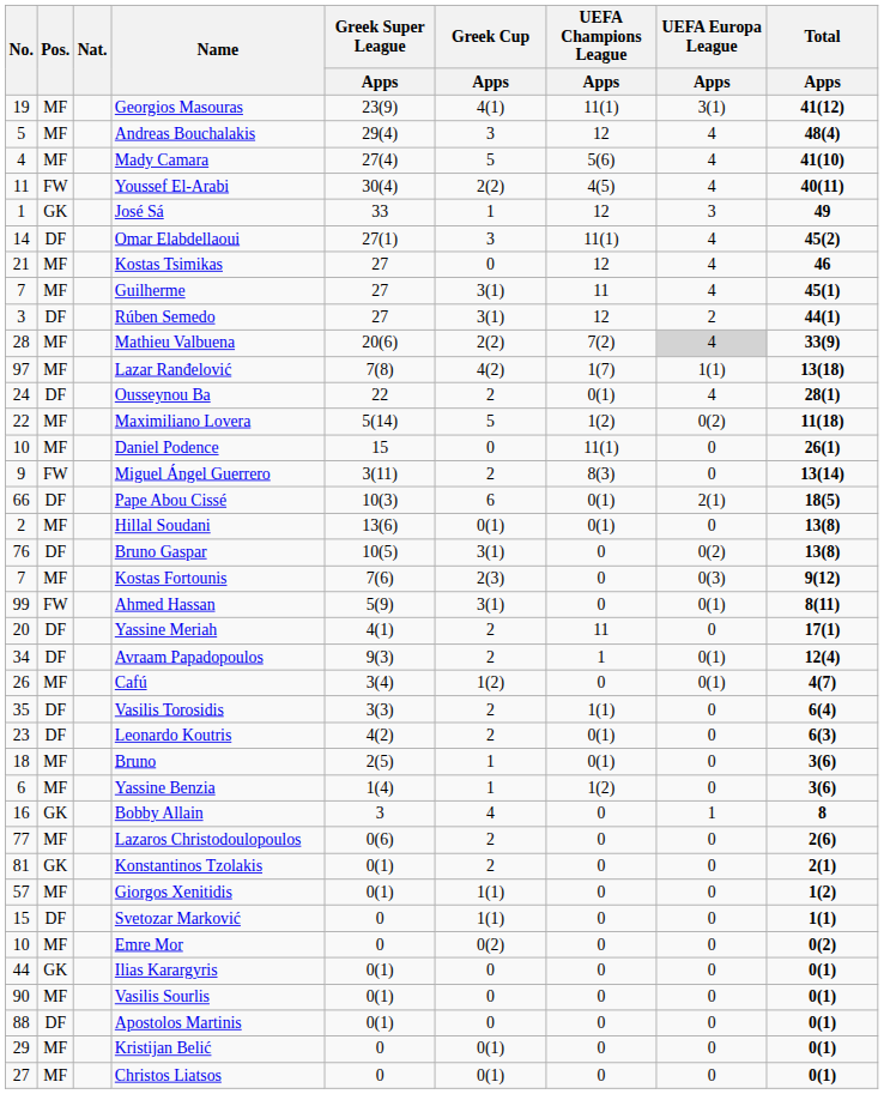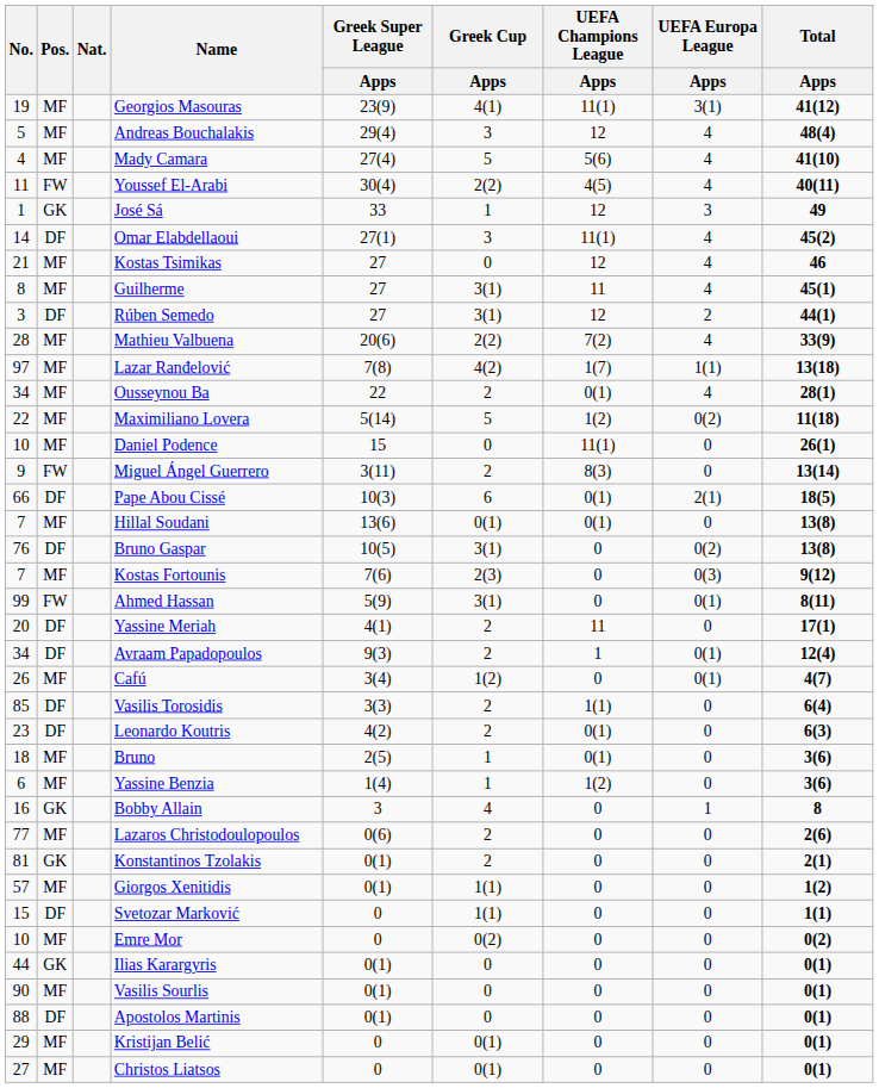 <table class="wikitable sortable" style="text-align:center">
 <tr>
 <th style="text-align:center;" rowspan="2">No.</th>
 <th style="text-align:center;" rowspan="2">Pos.</th>
 <th style="text-align:center;" rowspan="2">Nat.</th>
 <th style="text-align:center; width:200px;" rowspan="2">Name</th>
 <th style="text-align:center; width:100px;">Greek Super League</th>
 <th style="text-align:center; width:100px;">Greek Cup</th>
 <th style="text-align:center; width:100px;">UEFA Champions League</th>
 <th style="text-align:center; width:100px;">UEFA Europa League</th>
 <th style="text-align:center; width:100px;">Total</th>
 </tr>
 <tr>
 <th style="text-align:center;">Apps</th>
 <th style="text-align:center;">Apps</th>
 <th style="text-align:center;">Apps</th>
 <th style="text-align:center;">Apps</th>
 <th style="text-align:center;">Apps</th>
 </tr>
 <tr>
 <td>19</td>
 <td>MF</td>
 <td></td>
 <td align=left><a href='#'>Georgios Masouras</a></td>
 <td>23(9)</td>
 <td>4(1)</td>
 <td>11(1)</td>
 <td>3(1)</td>
 <td><strong>41(12)</strong></td>
 </tr>
 <tr>
 <td>5</td>
 <td>MF</td>
 <td></td>
 <td align=left><a href='#'>Andreas Bouchalakis</a></td>
 <td>29(4)</td>
 <td>3</td>
 <td>12</td>
 <td>4</td>
 <td><strong>48(4)</strong></td>
 </tr>
 <tr>
 <td>4</td>
 <td>MF</td>
 <td></td>
 <td align=left><a href='#'>Mady Camara</a></td>
 <td>27(4)</td>
 <td>5</td>
 <td>5(6)</td>
 <td>4</td>
 <td><strong>41(10)</strong></td>
 </tr>
 <tr>
 <td>11</td>
 <td>FW</td>
 <td></td>
 <td align=left><a href='#'>Youssef El-Arabi</a></td>
 <td>30(4)</td>
 <td>2(2)</td>
 <td>4(5)</td>
 <td>4</td>
 <td><strong>40(11)</strong></td>
 </tr>
 <tr>
 <td>1</td>
 <td>GK</td>
 <td></td>
 <td align=left><a href='#'>José Sá</a></td>
 <td>33</td>
 <td>1</td>
 <td>12</td>
 <td>3</td>
 <td><strong>49</strong></td>
 </tr>
 <tr>
 <td>14</td>
 <td>DF</td>
 <td></td>
 <td align=left><a href='#'>Omar Elabdellaoui</a></td>
 <td>27(1)</td>
 <td>3</td>
 <td>11(1)</td>
 <td>4</td>
 <td><strong>45(2)</strong></td>
 </tr>
 <tr>
 <td>21</td>
 <td>MF</td>
 <td></td>
 <td align=left><a href='#'>Kostas Tsimikas</a></td>
 <td>27</td>
 <td>0</td>
 <td>12</td>
 <td>4</td>
 <td><strong>46</strong></td>
 </tr>
 <tr>
-<td>7</td>
+<td>8</td>
 <td>MF</td>
 <td></td>
 <td align=left><a href='#'>Guilherme</a></td>
 <td>27</td>
 <td>3(1)</td>
 <td>11</td>
 <td>4</td>
 <td><strong>45(1)</strong></td>
 </tr>
 <tr>
 <td>3</td>
 <td>DF</td>
 <td></td>
 <td align=left><a href='#'>Rúben Semedo</a></td>
 <td>27</td>
 <td>3(1)</td>
 <td>12</td>
 <td>2</td>
 <td><strong>44(1)</strong></td>
 </tr>
 <tr>
 <td>28</td>
 <td>MF</td>
 <td></td>
 <td align=left><a href='#'>Mathieu Valbuena</a></td>
 <td>20(6)</td>
 <td>2(2)</td>
 <td>7(2)</td>
-<td style="background: lightgrey;">4</td>
+<td>4</td>
 <td><strong>33(9)</strong></td>
 </tr>
 <tr>
 <td>97</td>
 <td>MF</td>
 <td></td>
 <td align=left><a href='#'>Lazar Ranđelović</a></td>
 <td>7(8)</td>
 <td>4(2)</td>
 <td>1(7)</td>
 <td>1(1)</td>
 <td><strong>13(18)</strong></td>
 </tr>
 <tr>
-<td>24</td>
-<td>DF</td>
+<td>34</td>
+<td>MF</td>
 <td></td>
 <td align=left><a href='#'>Ousseynou Ba</a></td>
 <td>22</td>
 <td>2</td>
 <td>0(1)</td>
 <td>4</td>
 <td><strong>28(1)</strong></td>
 </tr>
 <tr>
 <td>22</td>
 <td>MF</td>
 <td></td>
 <td align=left><a href='#'>Maximiliano Lovera</a></td>
 <td>5(14)</td>
 <td>5</td>
 <td>1(2)</td>
 <td>0(2)</td>
 <td><strong>11(18)</strong></td>
 </tr>
 <tr>
 <td>10</td>
 <td>MF</td>
 <td></td>
 <td align=left><a href='#'>Daniel Podence</a></td>
 <td>15</td>
 <td>0</td>
 <td>11(1)</td>
 <td>0</td>
 <td><strong>26(1)</strong></td>
 </tr>
 <tr>
 <td>9</td>
 <td>FW</td>
 <td></td>
 <td align=left><a href='#'>Miguel Ángel Guerrero</a></td>
 <td>3(11)</td>
 <td>2</td>
 <td>8(3)</td>
 <td>0</td>
 <td><strong>13(14)</strong></td>
 </tr>
 <tr>
 <td>66</td>
 <td>DF</td>
 <td></td>
 <td align=left><a href='#'>Pape Abou Cissé</a></td>
 <td>10(3)</td>
 <td>6</td>
 <td>0(1)</td>
 <td>2(1)</td>
 <td><strong>18(5)</strong></td>
 </tr>
 <tr>
-<td>2</td>
+<td>7</td>
 <td>MF</td>
 <td></td>
 <td align=left><a href='#'>Hillal Soudani</a></td>
 <td>13(6)</td>
 <td>0(1)</td>
 <td>0(1)</td>
 <td>0</td>
 <td><strong>13(8)</strong></td>
 </tr>
 <tr>
 <td>76</td>
 <td>DF</td>
 <td></td>
 <td align=left><a href='#'>Bruno Gaspar</a></td>
 <td>10(5)</td>
 <td>3(1)</td>
 <td>0</td>
 <td>0(2)</td>
 <td><strong>13(8)</strong></td>
 </tr>
 <tr>
 <td>7</td>
 <td>MF</td>
 <td></td>
 <td align=left><a href='#'>Kostas Fortounis</a></td>
 <td>7(6)</td>
 <td>2(3)</td>
 <td>0</td>
 <td>0(3)</td>
 <td><strong>9(12)</strong></td>
 </tr>
 <tr>
 <td>99</td>
 <td>FW</td>
 <td></td>
 <td align=left><a href='#'>Ahmed Hassan</a></td>
 <td>5(9)</td>
 <td>3(1)</td>
 <td>0</td>
 <td>0(1)</td>
 <td><strong>8(11)</strong></td>
 </tr>
 <tr>
 <td>20</td>
 <td>DF</td>
 <td></td>
 <td align=left><a href='#'>Yassine Meriah</a></td>
 <td>4(1)</td>
 <td>2</td>
 <td>11</td>
 <td>0</td>
 <td><strong>17(1)</strong></td>
 </tr>
 <tr>
 <td>34</td>
 <td>DF</td>
 <td></td>
 <td align=left><a href='#'>Avraam Papadopoulos</a></td>
 <td>9(3)</td>
 <td>2</td>
 <td>1</td>
 <td>0(1)</td>
 <td><strong>12(4)</strong></td>
 </tr>
 <tr>
 <td>26</td>
 <td>MF</td>
 <td></td>
 <td align=left><a href='#'>Cafú</a></td>
 <td>3(4)</td>
 <td>1(2)</td>
 <td>0</td>
 <td>0(1)</td>
 <td><strong>4(7)</strong></td>
 </tr>
 <tr>
-<td>35</td>
+<td>85</td>
 <td>DF</td>
 <td></td>
 <td align=left><a href='#'>Vasilis Torosidis</a></td>
 <td>3(3)</td>
 <td>2</td>
 <td>1(1)</td>
 <td>0</td>
 <td><strong>6(4)</strong></td>
 </tr>
 <tr>
 <td>23</td>
 <td>DF</td>
 <td></td>
 <td align=left><a href='#'>Leonardo Koutris</a></td>
 <td>4(2)</td>
 <td>2</td>
 <td>0(1)</td>
 <td>0</td>
 <td><strong>6(3)</strong></td>
 </tr>
 <tr>
 <td>18</td>
 <td>MF</td>
 <td></td>
 <td align=left><a href='#'>Bruno</a></td>
 <td>2(5)</td>
 <td>1</td>
 <td>0(1)</td>
 <td>0</td>
 <td><strong>3(6)</strong></td>
 </tr>
 <tr>
 <td>6</td>
 <td>MF</td>
 <td></td>
 <td align=left><a href='#'>Yassine Benzia</a></td>
 <td>1(4)</td>
 <td>1</td>
 <td>1(2)</td>
 <td>0</td>
 <td><strong>3(6)</strong></td>
 </tr>
 <tr>
 <td>16</td>
 <td>GK</td>
 <td></td>
 <td align=left><a href='#'>Bobby Allain</a></td>
 <td>3</td>
 <td>4</td>
 <td>0</td>
 <td>1</td>
 <td><strong>8</strong></td>
 </tr>
 <tr>
 <td>77</td>
 <td>MF</td>
 <td></td>
 <td align=left><a href='#'>Lazaros Christodoulopoulos</a></td>
 <td>0(6)</td>
 <td>2</td>
 <td>0</td>
 <td>0</td>
 <td><strong>2(6)</strong></td>
 </tr>
 <tr>
 <td>81</td>
 <td>GK</td>
 <td></td>
 <td align=left><a href='#'>Konstantinos Tzolakis</a></td>
 <td>0(1)</td>
 <td>2</td>
 <td>0</td>
 <td>0</td>
 <td><strong>2(1)</strong></td>
 </tr>
 <tr>
 <td>57</td>
 <td>MF</td>
 <td></td>
 <td align=left><a href='#'>Giorgos Xenitidis</a></td>
 <td>0(1)</td>
 <td>1(1)</td>
 <td>0</td>
 <td>0</td>
 <td><strong>1(2)</strong></td>
 </tr>
 <tr>
 <td>15</td>
 <td>DF</td>
 <td></td>
 <td align=left><a href='#'>Svetozar Marković</a></td>
 <td>0</td>
 <td>1(1)</td>
 <td>0</td>
 <td>0</td>
 <td><strong>1(1)</strong></td>
 </tr>
 <tr>
 <td>10</td>
 <td>MF</td>
 <td></td>
 <td align=left><a href='#'>Emre Mor</a></td>
 <td>0</td>
 <td>0(2)</td>
 <td>0</td>
 <td>0</td>
 <td><strong>0(2)</strong></td>
 </tr>
 <tr>
 <td>44</td>
 <td>GK</td>
 <td></td>
 <td align=left><a href='#'>Ilias Karargyris</a></td>
 <td>0(1)</td>
 <td>0</td>
 <td>0</td>
 <td>0</td>
 <td><strong>0(1)</strong></td>
 </tr>
 <tr>
 <td>90</td>
 <td>MF</td>
 <td></td>
 <td align=left><a href='#'>Vasilis Sourlis</a></td>
 <td>0(1)</td>
 <td>0</td>
 <td>0</td>
 <td>0</td>
 <td><strong>0(1)</strong></td>
 </tr>
 <tr>
 <td>88</td>
 <td>DF</td>
 <td></td>
 <td align=left><a href='#'>Apostolos Martinis</a></td>
 <td>0(1)</td>
 <td>0</td>
 <td>0</td>
 <td>0</td>
 <td><strong>0(1)</strong></td>
 </tr>
 <tr>
 <td>29</td>
 <td>MF</td>
 <td></td>
 <td align=left><a href='#'>Kristijan Belić</a></td>
 <td>0</td>
 <td>0(1)</td>
 <td>0</td>
 <td>0</td>
 <td><strong>0(1)</strong></td>
 </tr>
 <tr>
 <td>27</td>
 <td>MF</td>
 <td></td>
 <td align=left><a href='#'>Christos Liatsos</a></td>
 <td>0</td>
 <td>0(1)</td>
 <td>0</td>
 <td>0</td>
 <td><strong>0(1)</strong></td>
 </tr>
 </table>
